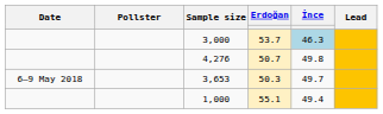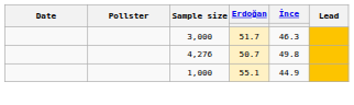 <table class="wikitable" style="text-align:center; font-size:90%; line-height:20px;">
 <tr>
 <th rowspan=2 width="110px">Date</th>
 <th rowspan=2 width="110px">Pollster</th>
 <th rowspan=2 width="50px">Sample size</th>
 <th width=50><a href='#'>Erdoğan</a></th>
 <th width=50><a href='#'>İnce</a></th>
 <th width=50 rowspan=2>Lead</th>
 </tr>
 <tr>
 <th style="background: "></th>
 <th style="background: "></th>
 </tr>
 <tr>
 <td></td>
 <td></td>
 <td>3,000</td>
-<td style="background: #FFF1C4">53.7</td>
-<td style="background: lightblue;">46.3</td>
+<td style="background: #FFF1C4">51.7</td>
+<td>46.3</td>
 <td style="background: #FDC400"></td>
 </tr>
 <tr>
 <td></td>
 <td></td>
 <td>4,276</td>
 <td style="background: #FFF1C4">50.7</td>
 <td>49.8</td>
 <td style="background: #FDC400"></td>
 </tr>
 <tr>
-<td>6–9 May 2018</td>
-<td></td>
-<td>3,653</td>
-<td style="background: #FFF1C4">50.3</td>
-<td>49.7</td>
-<td style="background: #FDC400"></td>
-</tr>
-<tr>
 <td></td>
 <td></td>
 <td>1,000</td>
 <td style="background: #FFF1C4">55.1</td>
-<td>49.4</td>
+<td>44.9</td>
 <td style="background: #FDC400"></td>
 </tr>
 </table>
